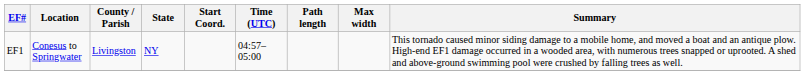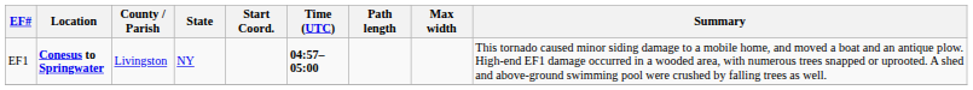 <table class="wikitable sortable" style="width:100%;">
 <tr>
 <th scope="col"  style="width:3%; text-align:center;"><a href='#'>EF#</a></th>
 <th scope="col"  style="width:7%; text-align:center;" class="unsortable">Location</th>
 <th scope="col"  style="width:6%; text-align:center;" class="unsortable">County / Parish</th>
 <th scope="col"  style="width:5%; text-align:center;">State</th>
 <th scope="col"  style="width:6%; text-align:center;">Start Coord.</th>
 <th scope="col"  style="width:6%; text-align:center;">Time (<a href='#'>UTC</a>)</th>
 <th scope="col"  style="width:6%; text-align:center;">Path length</th>
 <th scope="col"  style="width:6%; text-align:center;">Max width</th>
 <th scope="col" class="unsortable" style="width:48%; text-align:center;">Summary</th>
 </tr>
 <tr>
 <td>EF1</td>
-<td><a href='#'>Conesus</a> to <a href='#'>Springwater</a></td>
+<td><strong><a href='#'>Conesus</a> to <a href='#'>Springwater</a></strong></td>
 <td><a href='#'>Livingston</a></td>
 <td><a href='#'>NY</a></td>
 <td></td>
-<td>04:57–05:00</td>
+<td><strong>04:57–05:00</strong></td>
 <td></td>
 <td></td>
 <td>This tornado caused minor siding damage to a mobile home, and moved a boat and an antique plow. High-end EF1 damage occurred in a wooded area, with numerous trees snapped or uprooted. A shed and above-ground swimming pool were crushed by falling trees as well.</td>
 </tr>
 <tr>
 </tr>
 </table>
